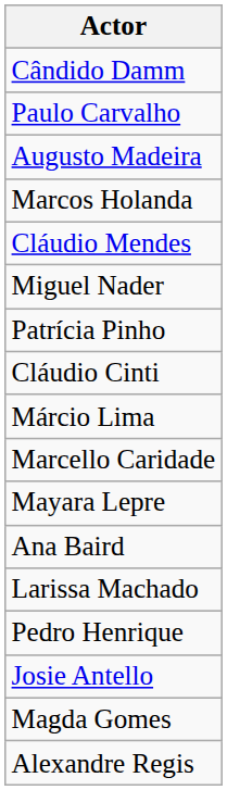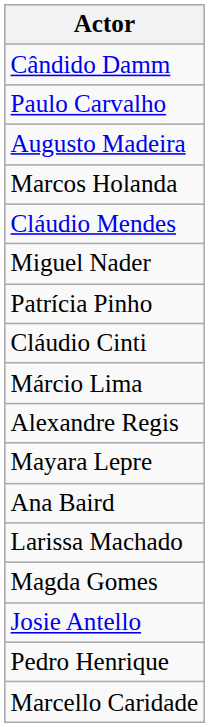 <table class="wikitable">
 <tr>
 <th>Actor</th>
 </tr>
 <tr>
 <td><a href='#'>Cândido Damm</a></td>
 </tr>
 <tr>
 <td><a href='#'>Paulo Carvalho</a></td>
 </tr>
 <tr>
 <td><a href='#'>Augusto Madeira</a></td>
 </tr>
 <tr>
 <td>Marcos Holanda</td>
 </tr>
 <tr>
 <td><a href='#'>Cláudio Mendes</a></td>
 </tr>
 <tr>
 <td>Miguel Nader</td>
 </tr>
 <tr>
 <td>Patrícia Pinho</td>
 </tr>
 <tr>
 <td>Cláudio Cinti</td>
 </tr>
 <tr>
 <td>Márcio Lima</td>
 </tr>
 <tr>
-<td>Marcello Caridade</td>
+<td>Alexandre Regis</td>
 </tr>
 <tr>
 <td>Mayara Lepre</td>
 </tr>
 <tr>
 <td>Ana Baird</td>
 </tr>
 <tr>
 <td>Larissa Machado</td>
 </tr>
 <tr>
-<td>Pedro Henrique</td>
+<td>Magda Gomes</td>
 </tr>
 <tr>
 <td><a href='#'>Josie Antello</a></td>
 </tr>
 <tr>
-<td>Magda Gomes</td>
+<td>Pedro Henrique</td>
 </tr>
 <tr>
-<td>Alexandre Regis</td>
+<td>Marcello Caridade</td>
 </tr>
 </table>
